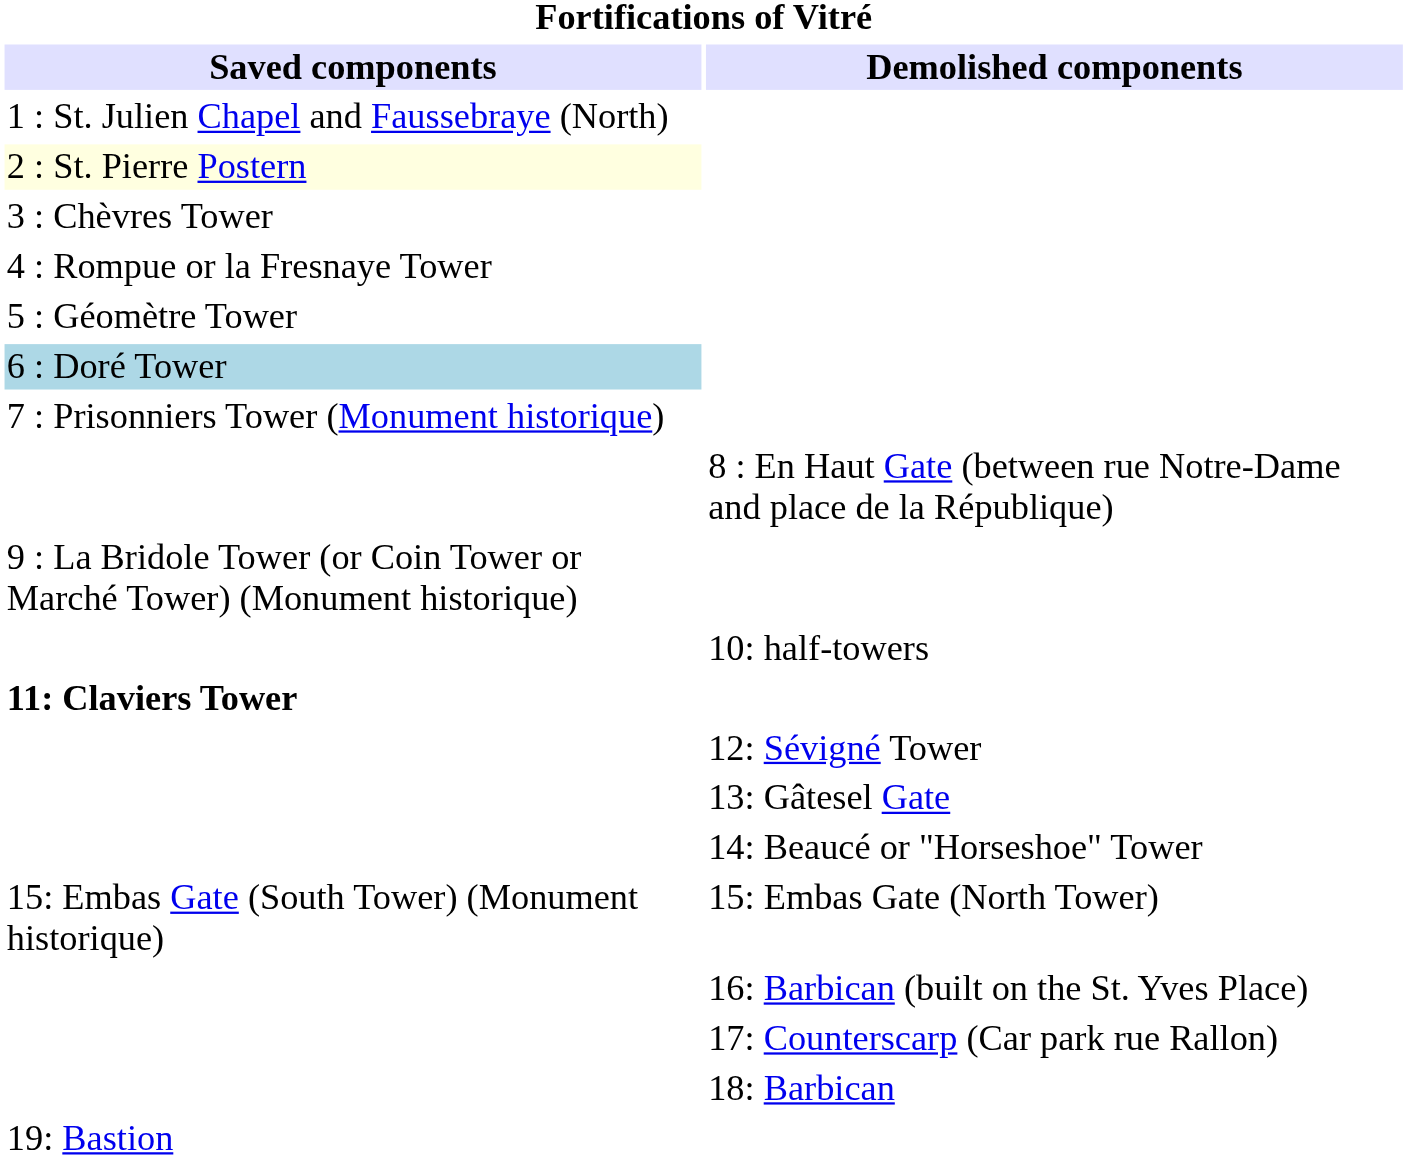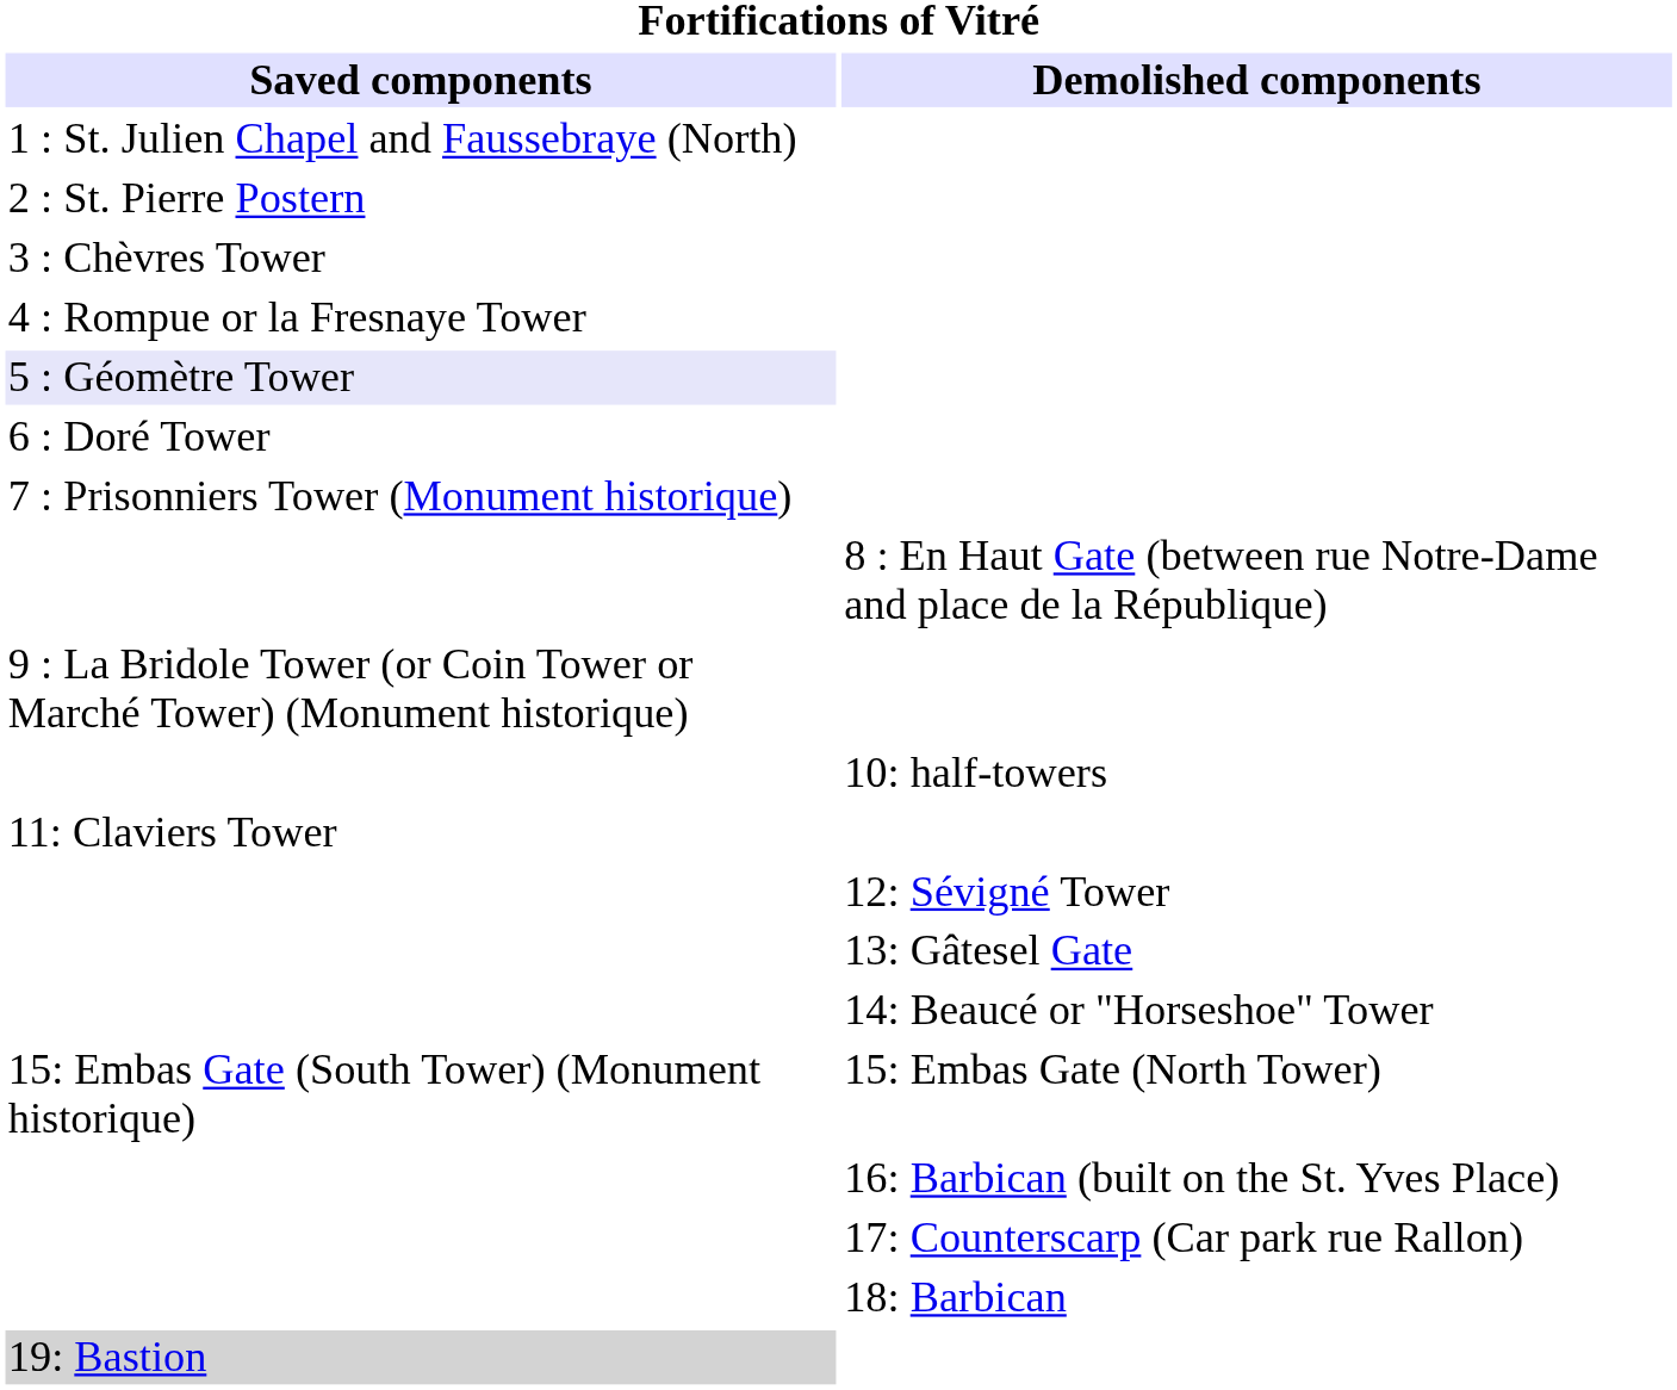 <table width="100%">
 <tr>
 <td colspan="2"  align="center" valign="top"><strong>Fortifications of Vitré</strong></td>
 <td rowspan="18"  valign="top"  align="center" width="300px" align="center"></td>
 </tr>
 <tr bgcolor="#E0E0FF">
 <th scope=col   align="center" width="50%">Saved components</th>
 <th scope=col  align="center" width="50%">Demolished components</th>
 </tr>
 <tr>
 <td valign="top">1 : St. Julien <a href='#'>Chapel</a> and <a href='#'>Faussebraye</a> (North)</td>
 <td valign="top"></td>
 </tr>
 <tr>
-<td valign="top" style="background: lightyellow;">2 : St. Pierre <a href='#'>Postern</a></td>
+<td valign="top">2 : St. Pierre <a href='#'>Postern</a></td>
 <td valign="top"></td>
 </tr>
 <tr>
 <td valign="top">3 : Chèvres Tower</td>
 <td valign="top"></td>
 </tr>
 <tr>
 <td valign="top">4 : Rompue or la Fresnaye Tower</td>
 <td valign="top"></td>
 </tr>
 <tr>
-<td valign="top">5 : Géomètre Tower</td>
+<td valign="top" style="background: lavender;">5 : Géomètre Tower</td>
 <td valign="top"></td>
 </tr>
 <tr>
-<td valign="top" style="background: lightblue;">6 : Doré Tower</td>
+<td valign="top">6 : Doré Tower</td>
 <td valign="top"></td>
 </tr>
 <tr>
 <td valign="top">7 : Prisonniers Tower (<a href='#'>Monument historique</a>)</td>
 <td valign="top"></td>
 </tr>
 <tr>
 <td valign="top"></td>
 <td valign="top">8 : En Haut <a href='#'>Gate</a> (between rue Notre-Dame and place de la République)</td>
 </tr>
 <tr>
 <td valign="top">9 : La Bridole Tower (or Coin Tower or Marché Tower) (Monument historique)</td>
 <td valign="top"></td>
 </tr>
 <tr>
 <td valign="top"></td>
 <td valign="top">10: half-towers</td>
 </tr>
 <tr>
-<td valign="top"><strong>11: Claviers Tower</strong></td>
+<td valign="top">11: Claviers Tower</td>
 <td valign="top"></td>
 </tr>
 <tr>
 <td valign="top"></td>
 <td valign="top">12: <a href='#'>Sévigné</a> Tower</td>
 </tr>
 <tr>
 <td valign="top"></td>
 <td valign="top">13: Gâtesel <a href='#'>Gate</a></td>
 </tr>
 <tr>
 <td valign="top"></td>
 <td valign="top">14: Beaucé or "Horseshoe" Tower</td>
 </tr>
 <tr>
 <td valign="top">15: Embas <a href='#'>Gate</a> (South Tower) (Monument historique)</td>
 <td valign="top">15: Embas Gate (North Tower)</td>
 </tr>
 <tr>
 <td valign="top"></td>
 <td valign="top">16: <a href='#'>Barbican</a> (built on the St. Yves Place)</td>
 </tr>
 <tr>
 <td valign="top"></td>
 <td valign="top">17: <a href='#'>Counterscarp</a> (Car park rue Rallon)</td>
 </tr>
 <tr>
 <td valign="top"></td>
 <td valign="top">18: <a href='#'>Barbican</a></td>
 </tr>
 <tr>
-<td valign="top">19: <a href='#'>Bastion</a></td>
+<td valign="top" style="background: lightgrey;">19: <a href='#'>Bastion</a></td>
 <td valign="top"></td>
 </tr>
 </table>
